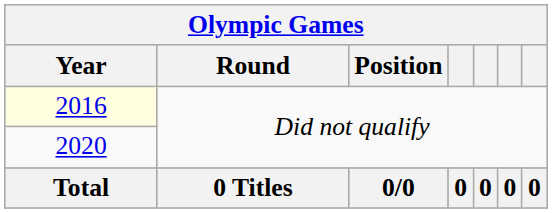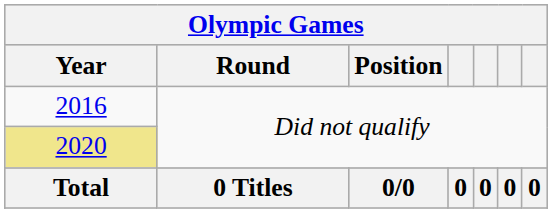 <table class="wikitable" style="text-align: center;">
 <tr>
 <th colspan=7><a href='#'>Olympic Games</a></th>
 </tr>
 <tr>
 <th style="width:5.5em;">Year</th>
 <th style="width:7em;">Round</th>
 <th>Position</th>
 <th></th>
 <th></th>
 <th></th>
 <th></th>
 </tr>
 <tr>
-<td style="background: lightyellow;"> <a href='#'>2016</a></td>
+<td> <a href='#'>2016</a></td>
 <td colspan=6 rowspan =2 align=center><em>Did not qualify</em></td>
 </tr>
 <tr>
-<td> <a href='#'>2020</a></td>
+<td style="background: khaki;"> <a href='#'>2020</a></td>
 </tr>
 <tr>
 <th>Total</th>
 <th>0 Titles</th>
 <th>0/0</th>
 <th>0</th>
 <th>0</th>
 <th>0</th>
 <th>0</th>
 </tr>
 </table>
